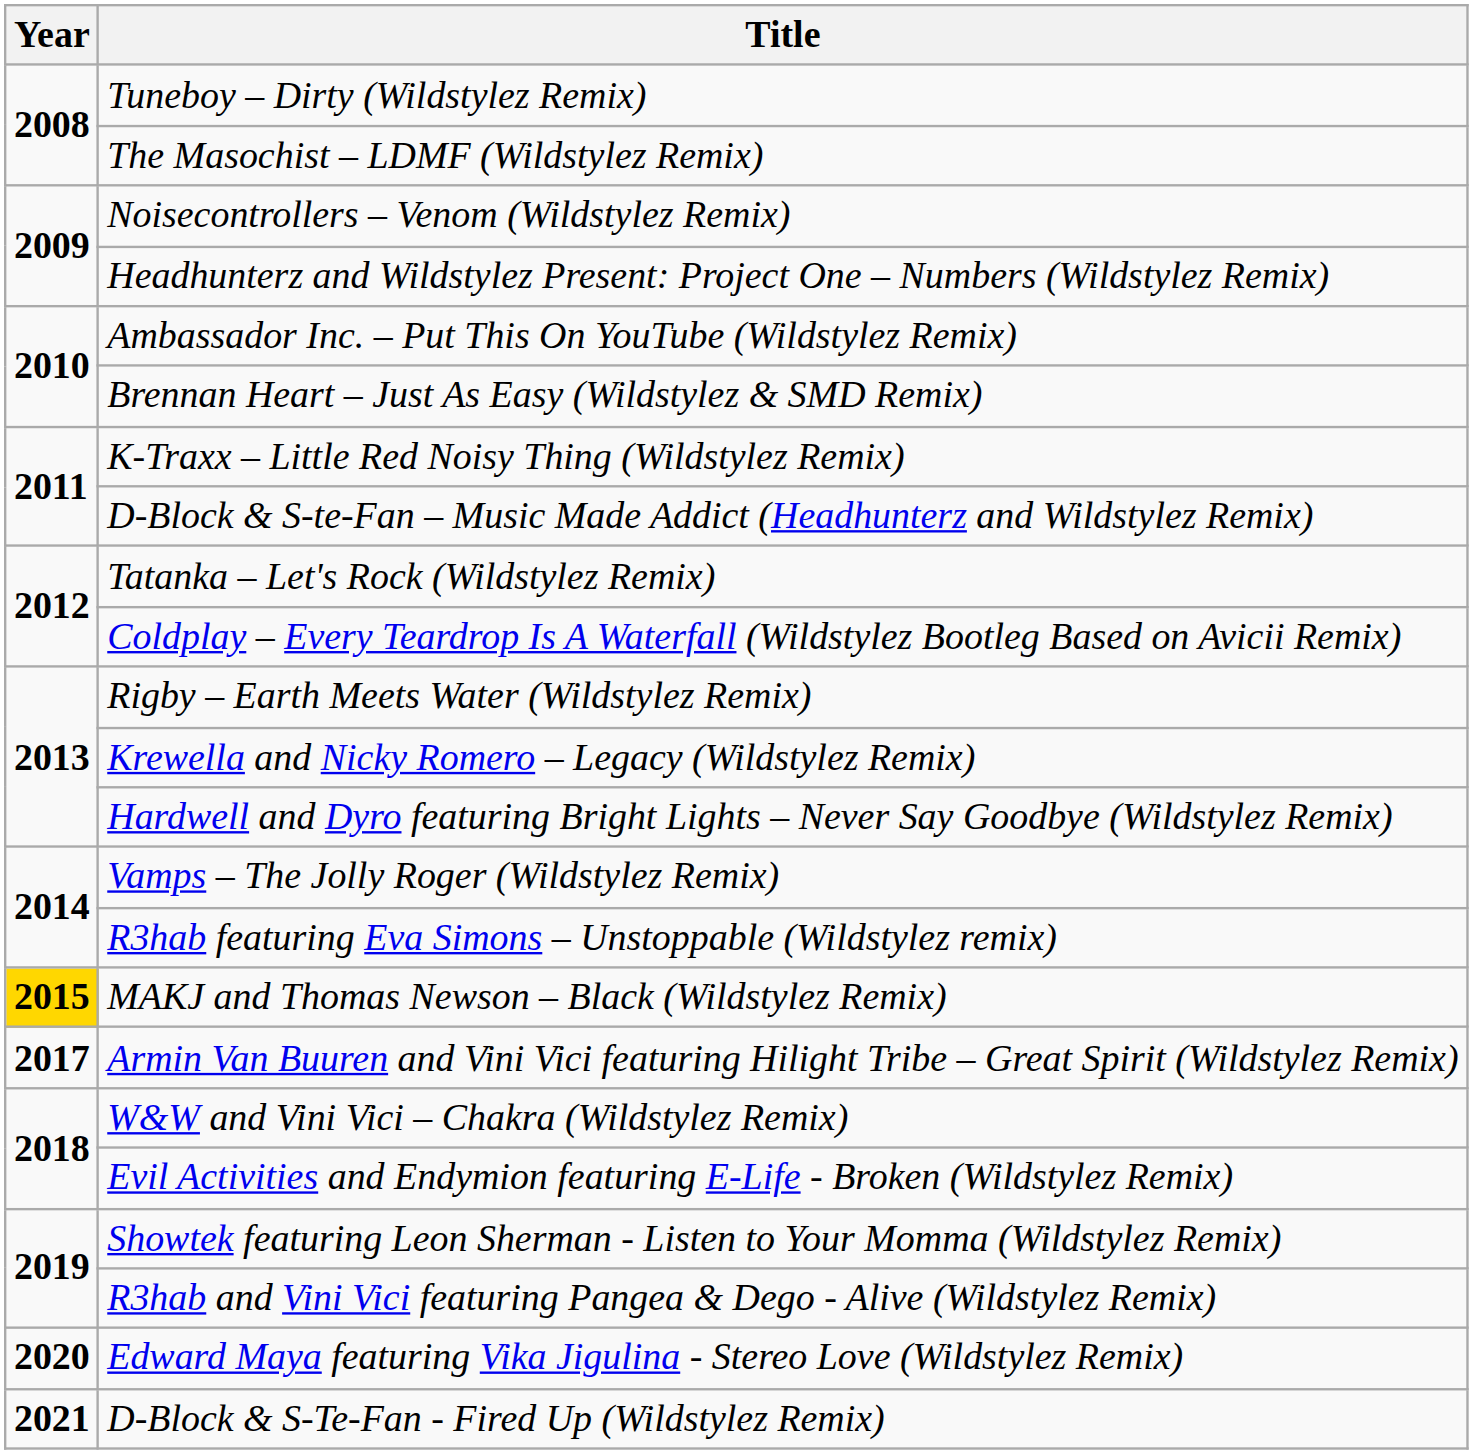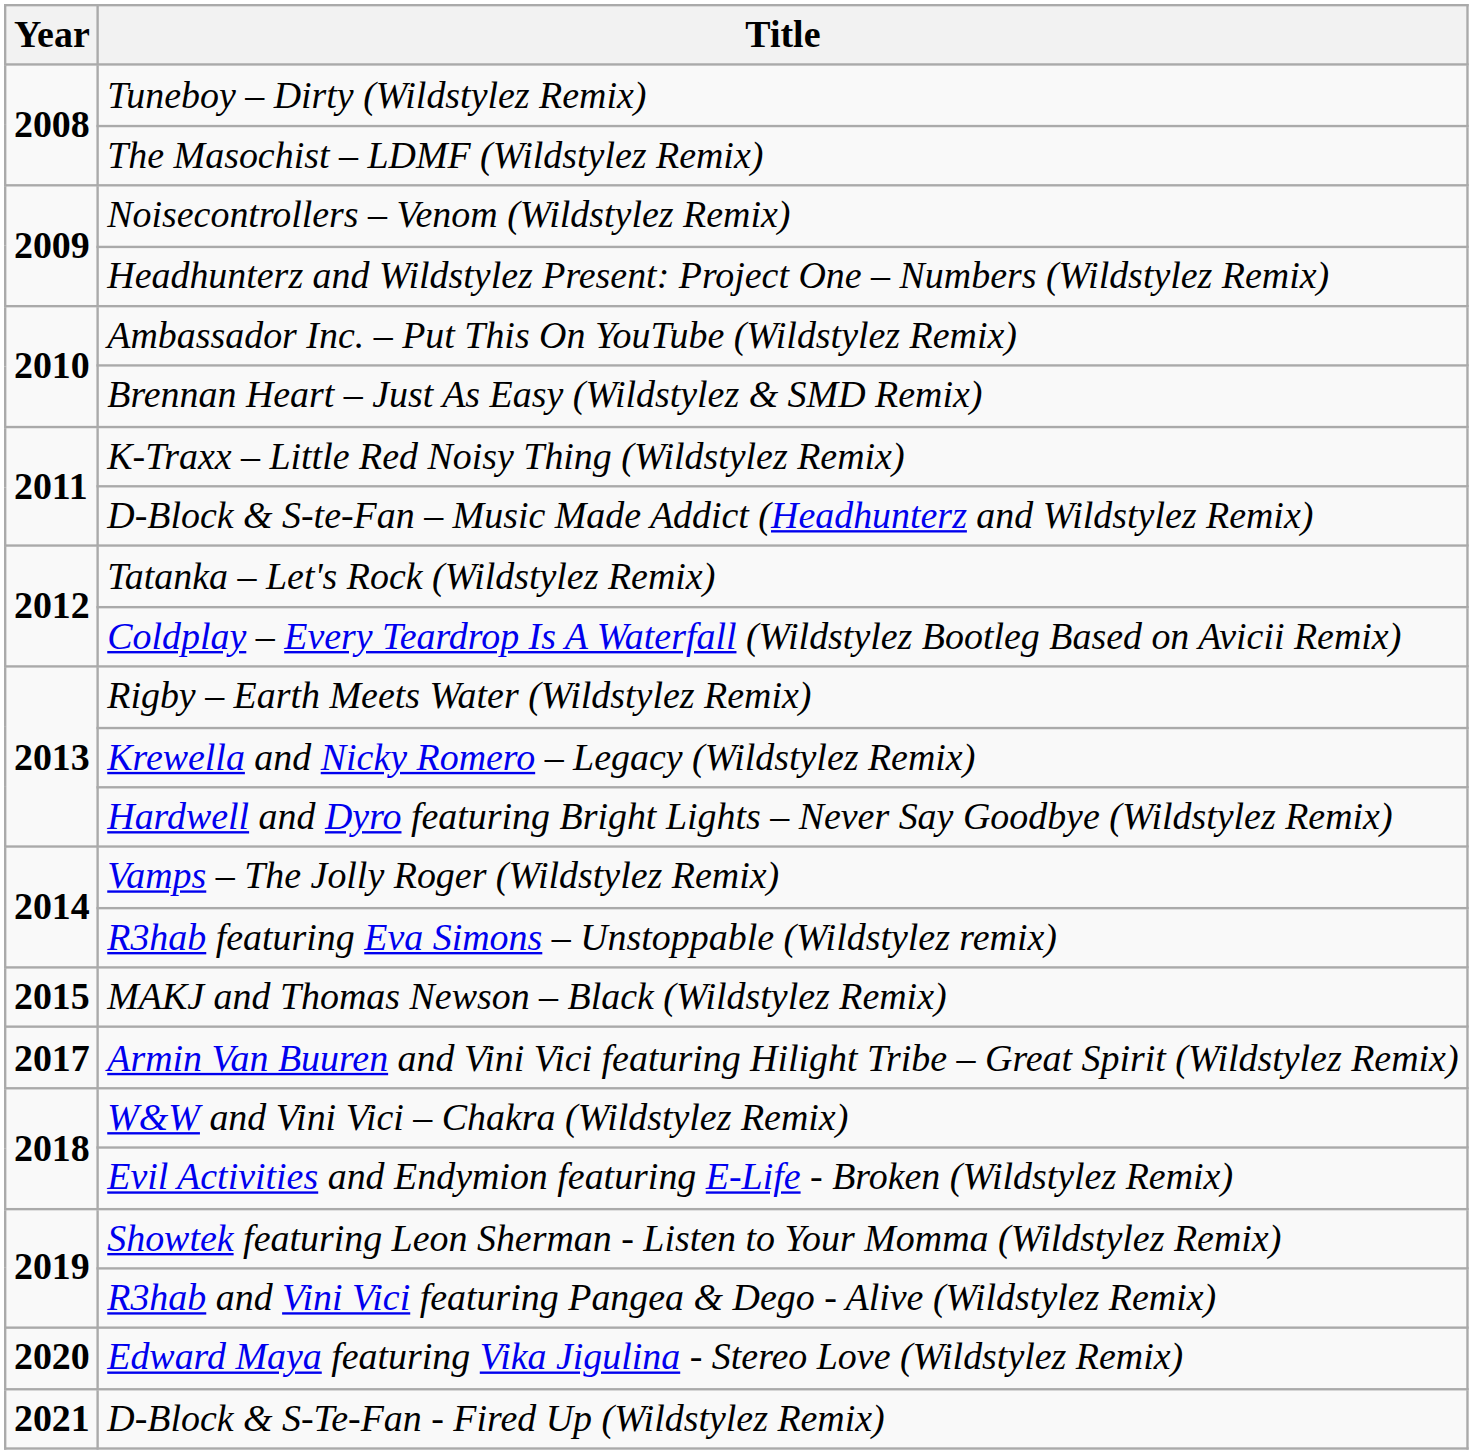 <table class="wikitable plainrowheaders">
 <tr>
 <th>Year</th>
 <th>Title</th>
 </tr>
 <tr>
 <td rowspan="2"><strong>2008</strong></td>
 <td><em>Tuneboy – Dirty (Wildstylez Remix)</em></td>
 </tr>
 <tr>
 <td><em>The Masochist – LDMF (Wildstylez Remix)</em></td>
 </tr>
 <tr>
 <td rowspan="2"><strong>2009</strong></td>
 <td><em>Noisecontrollers – Venom (Wildstylez Remix)</em></td>
 </tr>
 <tr>
 <td><em>Headhunterz and Wildstylez Present: Project One – Numbers (Wildstylez Remix)</em></td>
 </tr>
 <tr>
 <td rowspan="2"><strong>2010</strong></td>
 <td><em>Ambassador Inc. – Put This On YouTube (Wildstylez Remix)</em></td>
 </tr>
 <tr>
 <td><em>Brennan Heart – Just As Easy (Wildstylez & SMD Remix)</em></td>
 </tr>
 <tr>
 <td rowspan="2"><strong>2011</strong></td>
 <td><em>K-Traxx – Little Red Noisy Thing (Wildstylez Remix)</em></td>
 </tr>
 <tr>
 <td><em>D-Block & S-te-Fan – Music Made Addict (<a href='#'>Headhunterz</a> and Wildstylez Remix)</em></td>
 </tr>
 <tr>
 <td rowspan="2"><strong>2012</strong></td>
 <td><em>Tatanka – Let's Rock (Wildstylez Remix)</em></td>
 </tr>
 <tr>
 <td><em><a href='#'>Coldplay</a> – <a href='#'>Every Teardrop Is A Waterfall</a> (Wildstylez Bootleg Based on Avicii Remix)</em></td>
 </tr>
 <tr>
 <td rowspan="3"><strong>2013</strong></td>
 <td><em>Rigby – Earth Meets Water (Wildstylez Remix)</em></td>
 </tr>
 <tr>
 <td><em><a href='#'>Krewella</a> and <a href='#'>Nicky Romero</a> – Legacy (Wildstylez Remix)</em></td>
 </tr>
 <tr>
 <td><em><a href='#'>Hardwell</a> and <a href='#'>Dyro</a> featuring Bright Lights – Never Say Goodbye (Wildstylez Remix)</em></td>
 </tr>
 <tr>
 <td rowspan="2"><strong>2014</strong></td>
 <td><em><a href='#'>Vamps</a> – The Jolly Roger (Wildstylez Remix)</em></td>
 </tr>
 <tr>
 <td><em><a href='#'>R3hab</a> featuring <a href='#'>Eva Simons</a> – Unstoppable (Wildstylez remix)</em></td>
 </tr>
 <tr>
-<td style="background: gold;"><strong>2015</strong></td>
+<td><strong>2015</strong></td>
 <td><em>MAKJ and Thomas Newson – Black (Wildstylez Remix)</em></td>
 </tr>
 <tr>
 <td><strong>2017</strong></td>
 <td><em><a href='#'>Armin Van Buuren</a> and Vini Vici featuring Hilight Tribe – Great Spirit (Wildstylez Remix)</em></td>
 </tr>
 <tr>
 <td rowspan="2"><strong>2018</strong></td>
 <td><em><a href='#'>W&W</a> and Vini Vici – Chakra (Wildstylez Remix)</em></td>
 </tr>
 <tr>
 <td><em><a href='#'>Evil Activities</a> and Endymion featuring <a href='#'>E-Life</a> - Broken (Wildstylez Remix)</em></td>
 </tr>
 <tr>
 <td rowspan="2"><strong>2019</strong></td>
 <td><em><a href='#'>Showtek</a> featuring Leon Sherman - Listen to Your Momma (Wildstylez Remix)</em></td>
 </tr>
 <tr>
 <td><em><a href='#'>R3hab</a> and <a href='#'>Vini Vici</a> featuring Pangea & Dego - Alive (Wildstylez Remix)</em></td>
 </tr>
 <tr>
 <td><strong>2020</strong></td>
 <td><em><a href='#'>Edward Maya</a> featuring <a href='#'>Vika Jigulina</a> - Stereo Love (Wildstylez Remix)</em></td>
 </tr>
 <tr>
 <td rowspan="2"><strong>2021</strong></td>
 <td><em>D-Block & S-Te-Fan - Fired Up (Wildstylez Remix)</em></td>
 </tr>
 </table>
